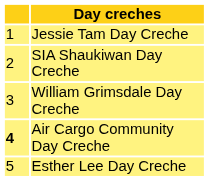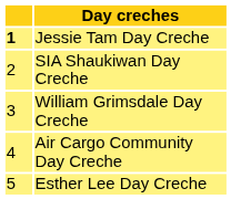 <table width=35%>
 <tr bgcolor=#FDD017>
 <th width=5%></th>
 <th width=35%><strong>Day creches</strong></th>
 </tr>
 <tr bgcolor=#FFF380>
-<td>1</td>
+<td><strong>1</strong></td>
 <td>Jessie Tam Day Creche</td>
 </tr>
 <tr bgcolor=#FFF380>
 <td>2</td>
 <td>SIA Shaukiwan Day Creche</td>
 </tr>
 <tr bgcolor=#FFF380>
 <td>3</td>
 <td>William Grimsdale Day Creche</td>
 </tr>
 <tr bgcolor=#FFF380>
-<td><strong>4</strong></td>
+<td>4</td>
 <td>Air Cargo Community Day Creche</td>
 </tr>
 <tr bgcolor=#FFF380>
 <td>5</td>
 <td>Esther Lee Day Creche</td>
 </tr>
 </table>
